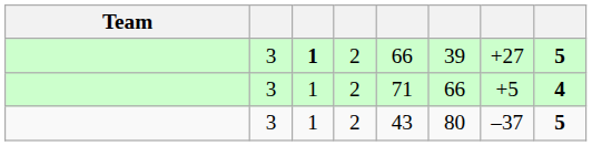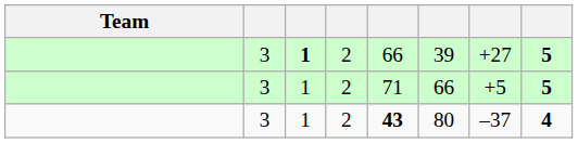 <table class="wikitable" style="text-align:center;">
 <tr>
 <th style="width:11.0em;">Team</th>
 <th style="width:1.5em;"></th>
 <th style="width:1.5em;"></th>
 <th style="width:1.5em;"></th>
 <th style="width:2.0em;"></th>
 <th style="width:2.0em;"></th>
 <th style="width:2.0em;"></th>
 <th style="width:2.0em;"></th>
 </tr>
 <tr bgcolor=#cfc>
 <td align="left"></td>
 <td>3</td>
 <td><strong>1</strong></td>
 <td>2</td>
 <td>66</td>
 <td>39</td>
 <td>+27</td>
 <td><strong>5</strong></td>
 </tr>
 <tr bgcolor=#cfc>
 <td align="left"></td>
 <td>3</td>
 <td>1</td>
 <td>2</td>
 <td>71</td>
 <td>66</td>
 <td>+5</td>
-<td><strong>4</strong></td>
+<td><strong>5</strong></td>
 </tr>
 <tr>
 <td align="left"></td>
 <td>3</td>
 <td>1</td>
 <td>2</td>
-<td>43</td>
+<td><strong>43</strong></td>
 <td>80</td>
 <td>–37</td>
-<td><strong>5</strong></td>
+<td><strong>4</strong></td>
 </tr>
 </table>
